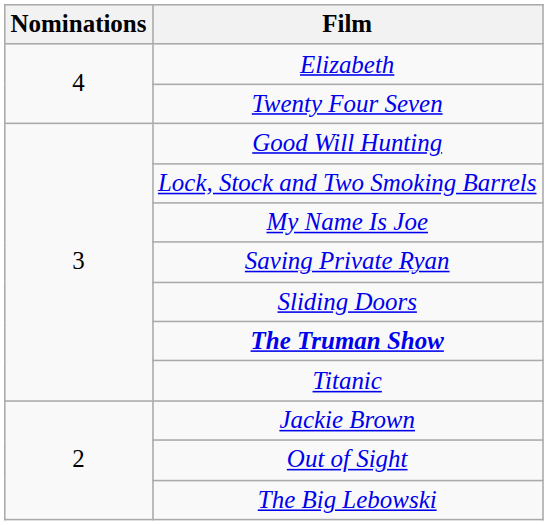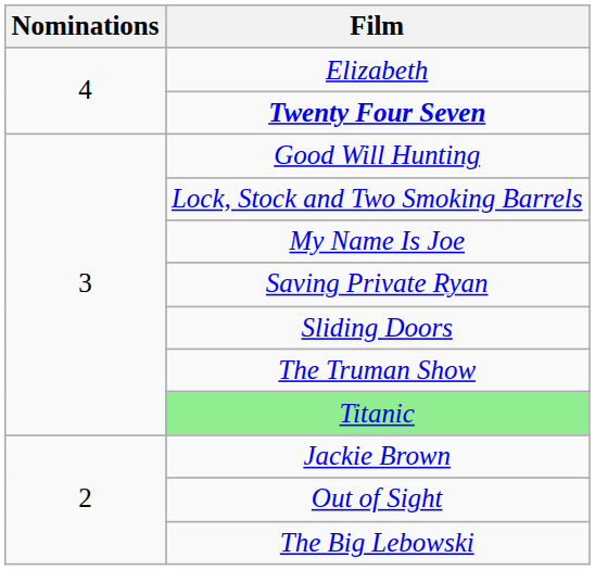 <table class="wikitable" style="text-align: center;">
 <tr>
 <th scope="col" width="55">Nominations</th>
 <th scope="col">Film</th>
 </tr>
 <tr>
 <td rowspan=2>4</td>
 <td><em><a href='#'>Elizabeth</a></em></td>
 </tr>
 <tr>
-<td><em><a href='#'>Twenty Four Seven</a></em></td>
+<td><strong><em><a href='#'>Twenty Four Seven</a></em></strong></td>
 </tr>
 <tr>
 <td rowspan=7>3</td>
 <td><em><a href='#'>Good Will Hunting</a></em></td>
 </tr>
 <tr>
 <td><em><a href='#'>Lock, Stock and Two Smoking Barrels</a></em></td>
 </tr>
 <tr>
 <td><em><a href='#'>My Name Is Joe</a></em></td>
 </tr>
 <tr>
 <td><em><a href='#'>Saving Private Ryan</a></em></td>
 </tr>
 <tr>
 <td><em><a href='#'>Sliding Doors</a></em></td>
 </tr>
 <tr>
-<td><strong><em><a href='#'>The Truman Show</a></em></strong></td>
+<td><em><a href='#'>The Truman Show</a></em></td>
 </tr>
 <tr>
-<td><em><a href='#'>Titanic</a></em></td>
+<td style="background: lightgreen;"><em><a href='#'>Titanic</a></em></td>
 </tr>
 <tr>
 <td rowspan=3>2</td>
 <td><em><a href='#'>Jackie Brown</a></em></td>
 </tr>
 <tr>
 <td><em><a href='#'>Out of Sight</a></em></td>
 </tr>
 <tr>
 <td><em><a href='#'>The Big Lebowski</a></em></td>
 </tr>
 </table>
